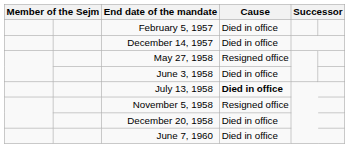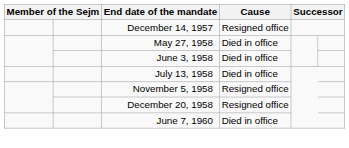 <table class="sortable wikitable">
 <tr>
 <th colspan=2>Member of the Sejm</th>
 <th>End date of the mandate</th>
 <th>Cause</th>
 <th colspan=2>Successor</th>
 </tr>
 <tr>
 <td style="background: "></td>
-<td><em></em></td>
-<td align="right" style="padding-right:10px">February 5, 1957</td>
-<td>Died in office</td>
-<td style="background: "></td>
-<td></td>
-</tr>
-<tr>
-<td style="background: "></td>
 <td></td>
 <td align="right" style="padding-right:10px">December 14, 1957</td>
-<td>Died in office</td>
+<td>Resigned office</td>
 <td style="border-right-style:hidden"></td>
 <td></td>
 </tr>
 <tr>
 <td rowspan=2 style="background: #"></td>
 <td></td>
 <td align="right" style="padding-right:10px">May 27, 1958</td>
-<td>Resigned office</td>
+<td>Died in office</td>
 <td rowspan=2 style="background: "></td>
 <td></td>
 </tr>
 <tr>
 <td></td>
 <td align="right" style="padding-right:10px">June 3, 1958</td>
 <td>Died in office</td>
 <td></td>
 </tr>
 <tr>
 <td style="background: "></td>
 <td></td>
 <td align="right" style="padding-right:10px">July 13, 1958</td>
-<td><strong>Died in office</strong></td>
+<td>Died in office</td>
 <td rowspan=4 style="border-right-style:hidden"></td>
 <td></td>
 </tr>
 <tr>
 <td rowspan=2 style="background: "></td>
 <td></td>
 <td align="right" style="padding-right:10px">November 5, 1958</td>
 <td>Resigned office</td>
 <td></td>
 </tr>
 <tr>
 <td></td>
 <td align="right" style="padding-right:10px">December 20, 1958</td>
-<td>Died in office</td>
+<td>Resigned office</td>
 <td></td>
 </tr>
 <tr>
 <td style="background: "></td>
 <td></td>
 <td align="right" style="padding-right:10px">June 7, 1960</td>
 <td>Died in office</td>
 <td></td>
 </tr>
 </table>
